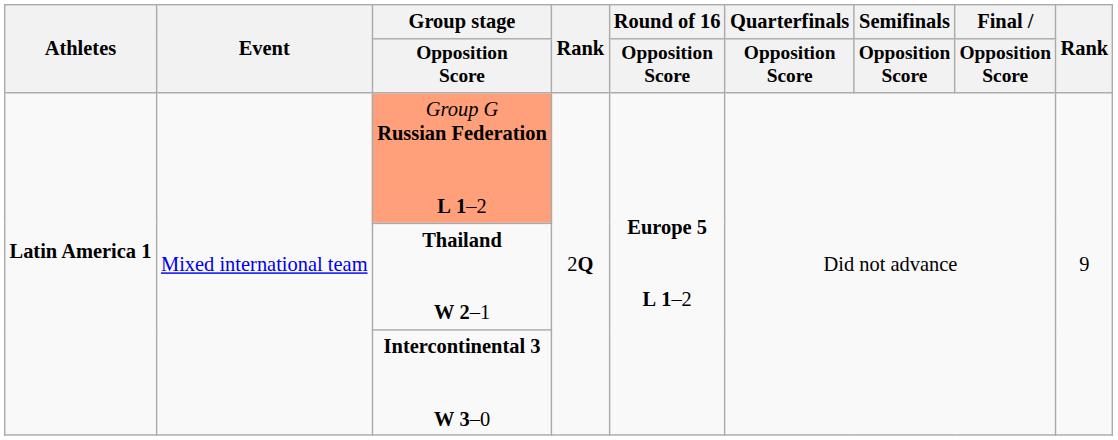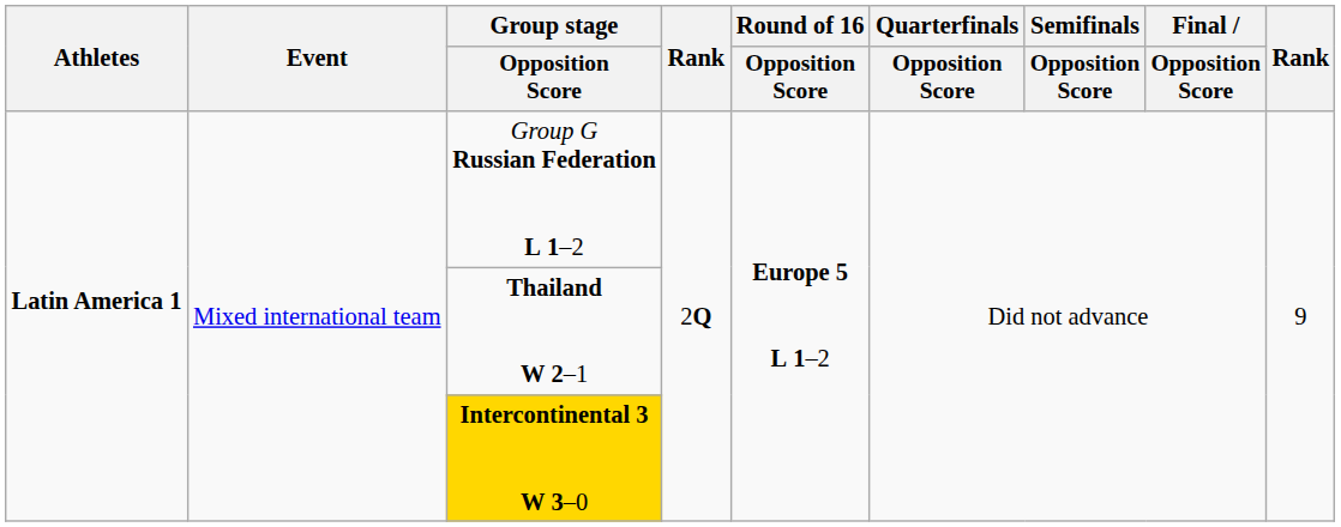 <table class=wikitable style="font-size:90%">
 <tr>
 <th rowspan="2">Athletes</th>
 <th rowspan="2">Event</th>
 <th>Group stage</th>
 <th rowspan="2">Rank</th>
 <th>Round of 16</th>
 <th>Quarterfinals</th>
 <th>Semifinals</th>
 <th>Final / </th>
 <th rowspan=2>Rank</th>
 </tr>
 <tr style="font-size:95%">
 <th>Opposition<br>Score</th>
 <th>Opposition<br>Score</th>
 <th>Opposition<br>Score</th>
 <th>Opposition<br>Score</th>
 <th>Opposition<br>Score</th>
 </tr>
 <tr align=center>
 <td align=left rowspan=3><strong>Latin America 1</strong><br><br></td>
 <td align=left rowspan=3><a href='#'>Mixed international team</a></td>
-<td style="background: lightsalmon;"><em>Group G</em><br><strong>Russian Federation</strong><br><br> <br><strong>L</strong> <strong>1</strong>–2</td>
+<td><em>Group G</em><br><strong>Russian Federation</strong><br><br> <br><strong>L</strong> <strong>1</strong>–2</td>
 <td rowspan=3>2<strong>Q</strong></td>
 <td rowspan=3><strong>Europe 5</strong><br><br> <br><strong>L</strong> <strong>1</strong>–2</td>
 <td rowspan=3 colspan=3>Did not advance</td>
 <td rowspan=3>9</td>
 </tr>
 <tr align=center>
 <td><strong>Thailand</strong><br><br> <br><strong>W</strong> <strong>2</strong>–1</td>
 </tr>
 <tr align=center>
-<td><strong>Intercontinental 3</strong><br><br> <br><strong>W</strong> <strong>3</strong>–0</td>
+<td style="background: gold;"><strong>Intercontinental 3</strong><br><br> <br><strong>W</strong> <strong>3</strong>–0</td>
 </tr>
 </table>
